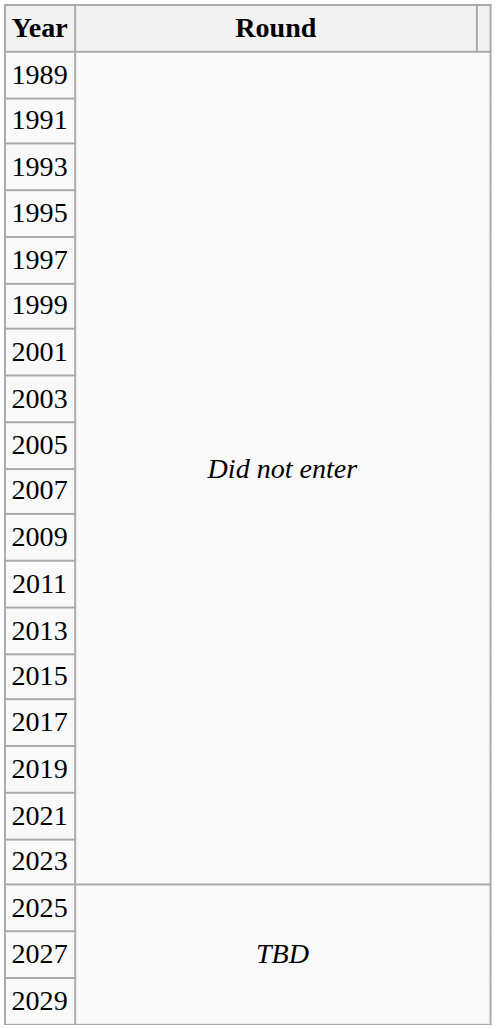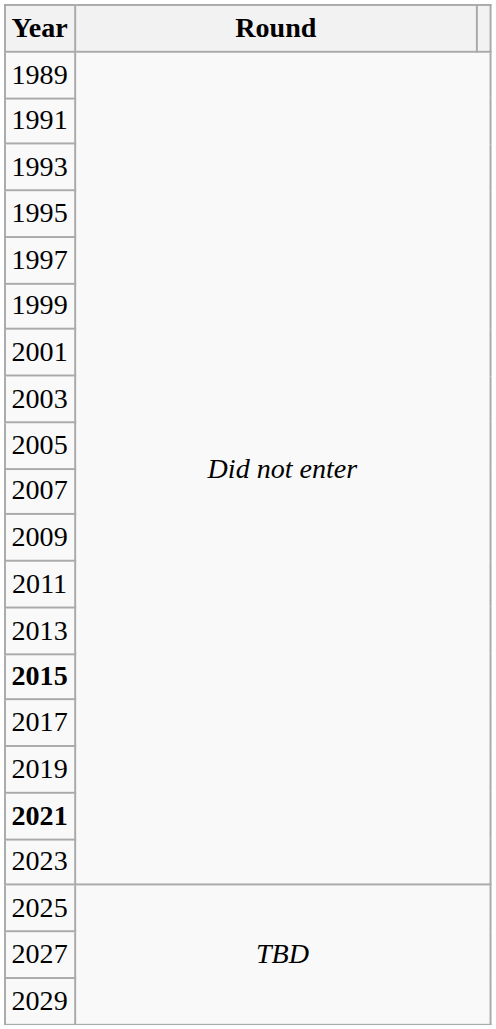 <table class="wikitable" style="text-align: center; font-size:90%">
 <tr>
 <th>Year</th>
 <th style="width:200px">Round</th>
 <th></th>
 </tr>
 <tr>
 <td>1989</td>
 <td colspan="2" rowspan="18"><em>Did not enter</em></td>
 </tr>
 <tr>
 <td>1991</td>
 </tr>
 <tr>
 <td>1993</td>
 </tr>
 <tr>
 <td>1995</td>
 </tr>
 <tr>
 <td>1997</td>
 </tr>
 <tr>
 <td>1999</td>
 </tr>
 <tr>
 <td>2001</td>
 </tr>
 <tr>
 <td>2003</td>
 </tr>
 <tr>
 <td>2005</td>
 </tr>
 <tr>
 <td>2007</td>
 </tr>
 <tr>
 <td>2009</td>
 </tr>
 <tr>
 <td>2011</td>
 </tr>
 <tr>
 <td>2013</td>
 </tr>
 <tr>
-<td>2015</td>
+<td><strong>2015</strong></td>
 </tr>
 <tr>
 <td>2017</td>
 </tr>
 <tr>
 <td>2019</td>
 </tr>
 <tr>
-<td>2021</td>
+<td><strong>2021</strong></td>
 </tr>
 <tr>
 <td>2023</td>
 </tr>
 <tr>
 <td>2025</td>
 <td colspan="2" rowspan="3"><em>TBD</em></td>
 </tr>
 <tr>
 <td>2027</td>
 </tr>
 <tr>
 <td>2029</td>
 </tr>
 </table>
